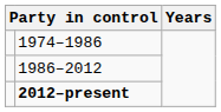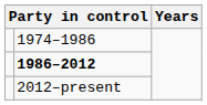 <table class="wikitable">
 <tr>
 <th colspan=2>Party in control</th>
 <th>Years</th>
 </tr>
 <tr>
 <td></td>
 <td>1974–1986</td>
 </tr>
 <tr>
 <td></td>
-<td>1986–2012</td>
+<td><strong>1986–2012</strong></td>
 </tr>
 <tr>
 <td></td>
-<td><strong>2012–present</strong></td>
+<td>2012–present</td>
 </tr>
 </table>
